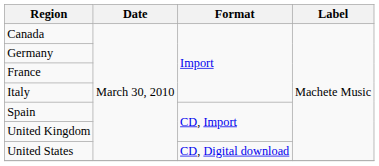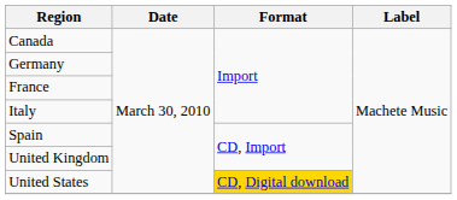 <table class="wikitable">
 <tr>
 <th>Region</th>
 <th>Date</th>
 <th>Format</th>
 <th>Label</th>
 </tr>
 <tr>
 <td>Canada</td>
 <td rowspan="7">March 30, 2010</td>
 <td rowspan="4"><a href='#'>Import</a></td>
 <td rowspan="7">Machete Music</td>
 </tr>
 <tr>
 <td>Germany</td>
 </tr>
 <tr>
 <td>France</td>
 </tr>
 <tr>
 <td>Italy</td>
 </tr>
 <tr>
 <td>Spain</td>
 <td rowspan="2"><a href='#'>CD</a>, <a href='#'>Import</a></td>
 </tr>
 <tr>
 <td>United Kingdom</td>
 </tr>
 <tr>
 <td>United States</td>
-<td rowspan="1"><a href='#'>CD</a>, <a href='#'>Digital download</a></td>
+<td rowspan="1" style="background: gold;"><a href='#'>CD</a>, <a href='#'>Digital download</a></td>
 </tr>
 <tr>
 </tr>
 </table>
